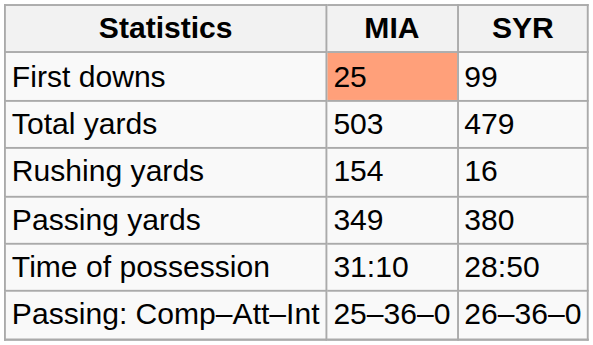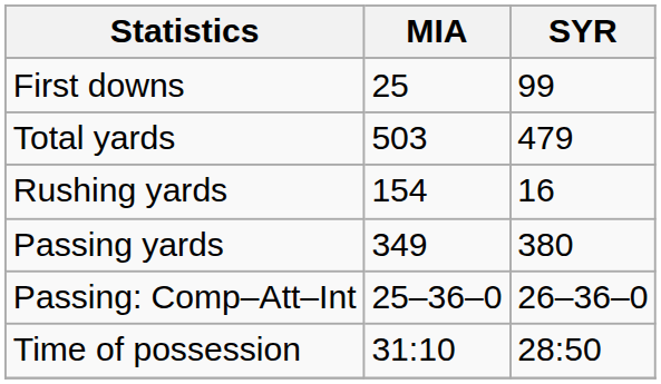 <table class="wikitable" style="float: left;">
 <tr>
 <th>Statistics</th>
 <th>MIA</th>
 <th>SYR</th>
 </tr>
 <tr>
 <td>First downs</td>
-<td style="background: lightsalmon;">25</td>
+<td>25</td>
 <td>99</td>
 </tr>
 <tr>
 <td>Total yards</td>
 <td>503</td>
 <td>479</td>
 </tr>
 <tr>
 <td>Rushing yards</td>
 <td>154</td>
 <td>16</td>
 </tr>
 <tr>
 <td>Passing yards</td>
 <td>349</td>
 <td>380</td>
 </tr>
 <tr>
+<td>Passing: Comp–Att–Int</td>
+<td>25–36–0</td>
+<td>26–36–0</td>
+</tr>
+<tr>
 <td>Time of possession</td>
 <td>31:10</td>
 <td>28:50</td>
 </tr>
 <tr>
-<td>Passing: Comp–Att–Int</td>
-<td>25–36–0</td>
-<td>26–36–0</td>
-</tr>
-<tr>
 </tr>
 </table>
